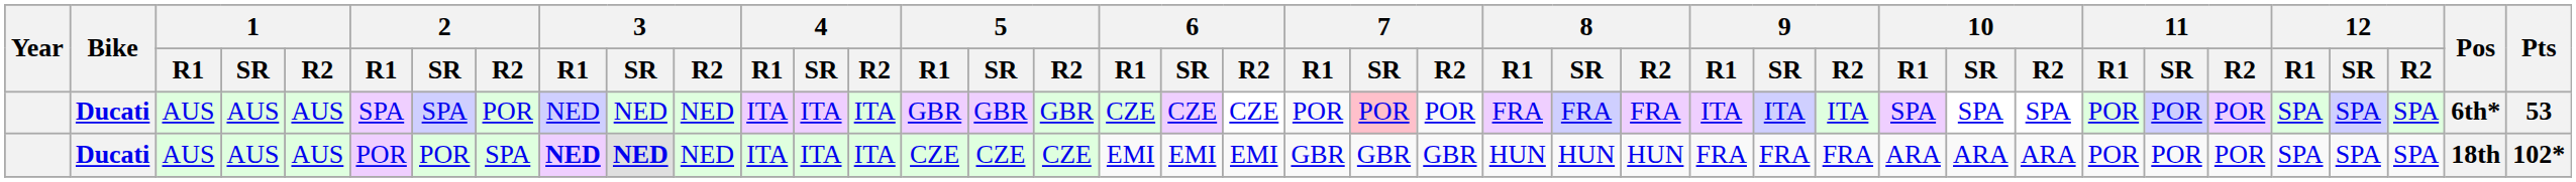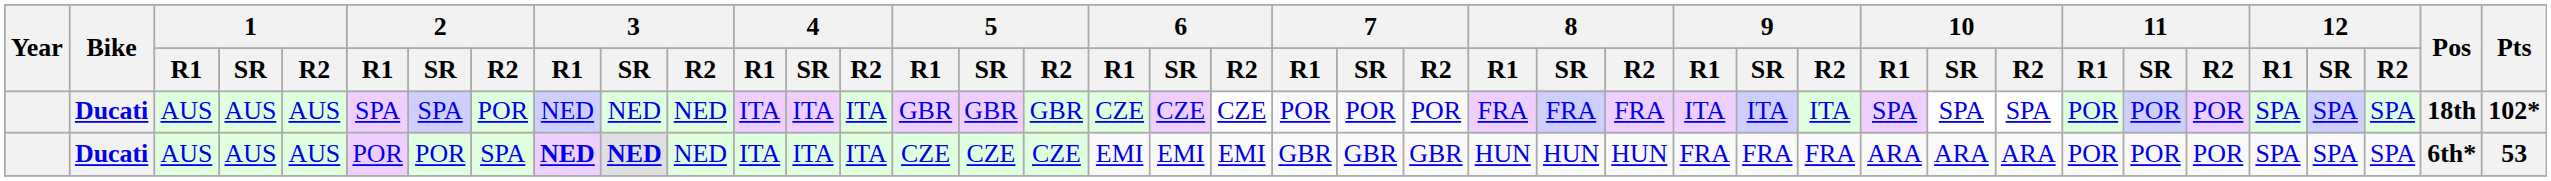 <table class="wikitable" style="text-align:center; font-size:90%;">
 <tr>
 <th rowspan="2">Year</th>
 <th rowspan="2">Bike</th>
 <th colspan="3">1</th>
 <th colspan="3">2</th>
 <th colspan="3">3</th>
 <th colspan="3">4</th>
 <th colspan="3">5</th>
 <th colspan="3">6</th>
 <th colspan="3">7</th>
 <th colspan="3">8</th>
 <th colspan="3">9</th>
 <th colspan="3">10</th>
 <th colspan="3">11</th>
 <th colspan="3">12</th>
 <th rowspan="2">Pos</th>
 <th rowspan="2">Pts</th>
 </tr>
 <tr>
 <th>R1</th>
 <th>SR</th>
 <th>R2</th>
 <th>R1</th>
 <th>SR</th>
 <th>R2</th>
 <th>R1</th>
 <th>SR</th>
 <th>R2</th>
 <th>R1</th>
 <th>SR</th>
 <th>R2</th>
 <th>R1</th>
 <th>SR</th>
 <th>R2</th>
 <th>R1</th>
 <th>SR</th>
 <th>R2</th>
 <th>R1</th>
 <th>SR</th>
 <th>R2</th>
 <th>R1</th>
 <th>SR</th>
 <th>R2</th>
 <th>R1</th>
 <th>SR</th>
 <th>R2</th>
 <th>R1</th>
 <th>SR</th>
 <th>R2</th>
 <th>R1</th>
 <th>SR</th>
 <th>R2</th>
 <th>R1</th>
 <th>SR</th>
 <th>R2</th>
 </tr>
 <tr>
 <th></th>
 <th><a href='#'>Ducati</a></th>
 <td style="background:#DFFFDF;"><a href='#'>AUS</a><br></td>
 <td style="background:#DFFFDF;"><a href='#'>AUS</a><br></td>
 <td style="background:#DFFFDF;"><a href='#'>AUS</a><br></td>
 <td style="background:#EFCFFF;"><a href='#'>SPA</a><br></td>
 <td style="background:#CFCFFF;"><a href='#'>SPA</a><br></td>
 <td style="background:#DFFFDF;"><a href='#'>POR</a><br></td>
 <td style="background:#CFCFFF;"><a href='#'>NED</a><br></td>
 <td style="background:#DFFFDF;"><a href='#'>NED</a><br></td>
 <td style="background:#DFFFDF;"><a href='#'>NED</a><br></td>
 <td style="background:#EFCFFF;"><a href='#'>ITA</a><br></td>
 <td style="background:#EFCFFF;"><a href='#'>ITA</a><br></td>
 <td style="background:#DFFFDF;"><a href='#'>ITA</a><br></td>
 <td style="background:#EFCFFF;"><a href='#'>GBR</a><br></td>
 <td style="background:#EFCFFF;"><a href='#'>GBR</a><br></td>
 <td style="background:#DFFFDF;"><a href='#'>GBR</a><br></td>
 <td style="background:#DFFFDF;"><a href='#'>CZE</a><br></td>
 <td style="background:#EFCFFF;"><a href='#'>CZE</a><br></td>
 <td style="background:#FFFFFF;"><a href='#'>CZE</a><br></td>
 <td><a href='#'>POR</a></td>
-<td style="background: pink;"><a href='#'>POR</a></td>
+<td><a href='#'>POR</a></td>
 <td><a href='#'>POR</a></td>
 <td style="background:#EFCFFF;"><a href='#'>FRA</a><br></td>
 <td style="background:#CFCFFF;"><a href='#'>FRA</a><br></td>
 <td style="background:#EFCFFF;"><a href='#'>FRA</a><br></td>
 <td style="background:#EFCFFF;"><a href='#'>ITA</a><br></td>
 <td style="background:#CFCFFF;"><a href='#'>ITA</a><br></td>
 <td style="background:#DFFFDF;"><a href='#'>ITA</a><br></td>
 <td style="background:#EFCFFF;"><a href='#'>SPA</a><br></td>
 <td style="background:#FFFFFF;"><a href='#'>SPA</a><br></td>
 <td style="background:#FFFFFF;"><a href='#'>SPA</a><br></td>
 <td style="background:#DFFFDF;"><a href='#'>POR</a><br></td>
 <td style="background:#CFCFFF;"><a href='#'>POR</a><br></td>
 <td style="background:#EFCFFF;"><a href='#'>POR</a><br></td>
 <td style="background:#DFFFDF;"><a href='#'>SPA</a><br></td>
 <td style="background:#CFCFFF;"><a href='#'>SPA</a><br></td>
 <td style="background:#DFFFDF;"><a href='#'>SPA</a><br></td>
-<th>6th*</th>
-<th>53</th>
+<th>18th</th>
+<th>102*</th>
 </tr>
 <tr>
 <th></th>
 <th><a href='#'>Ducati</a></th>
 <td style="background:#DFFFDF;"><a href='#'>AUS</a><br></td>
 <td style="background:#DFFFDF;"><a href='#'>AUS</a><br></td>
 <td style="background:#DFFFDF;"><a href='#'>AUS</a><br></td>
 <td style="background:#EFCFFF;"><a href='#'>POR</a><br></td>
 <td style="background:#DFFFDF;"><a href='#'>POR</a><br></td>
 <td style="background:#DFFFDF;"><a href='#'>SPA</a><br></td>
 <td style="background:#EFCFFF;"><strong><a href='#'>NED</a></strong><br></td>
 <td style="background:#DFDFDF;"><strong><a href='#'>NED</a></strong><br></td>
 <td style="background:#DFFFDF;"><a href='#'>NED</a><br></td>
 <td style="background:#DFFFDF;"><a href='#'>ITA</a><br></td>
 <td style="background:#DFFFDF;"><a href='#'>ITA</a><br></td>
 <td style="background:#DFFFDF;"><a href='#'>ITA</a><br></td>
 <td style="background:#DFFFDF;"><a href='#'>CZE</a><br></td>
 <td style="background:#DFFFDF;"><a href='#'>CZE</a><br></td>
 <td style="background:#DFFFDF;"><a href='#'>CZE</a><br></td>
 <td style="background:#;"><a href='#'>EMI</a><br></td>
 <td style="background:#;"><a href='#'>EMI</a><br></td>
 <td style="background:#;"><a href='#'>EMI</a><br></td>
 <td style="background:#;"><a href='#'>GBR</a><br></td>
 <td style="background:#;"><a href='#'>GBR</a><br></td>
 <td style="background:#;"><a href='#'>GBR</a><br></td>
 <td style="background:#;"><a href='#'>HUN</a><br></td>
 <td style="background:#;"><a href='#'>HUN</a><br></td>
 <td style="background:#;"><a href='#'>HUN</a><br></td>
 <td style="background:#;"><a href='#'>FRA</a><br></td>
 <td style="background:#;"><a href='#'>FRA</a><br></td>
 <td style="background:#;"><a href='#'>FRA</a><br></td>
 <td style="background:#;"><a href='#'>ARA</a><br></td>
 <td style="background:#;"><a href='#'>ARA</a><br></td>
 <td style="background:#;"><a href='#'>ARA</a><br></td>
 <td style="background:#;"><a href='#'>POR</a><br></td>
 <td style="background:#;"><a href='#'>POR</a><br></td>
 <td style="background:#;"><a href='#'>POR</a><br></td>
 <td style="background:#;"><a href='#'>SPA</a><br></td>
 <td style="background:#;"><a href='#'>SPA</a><br></td>
 <td style="background:#;"><a href='#'>SPA</a><br></td>
-<th>18th</th>
-<th>102*</th>
+<th>6th*</th>
+<th>53</th>
 </tr>
 </table>
